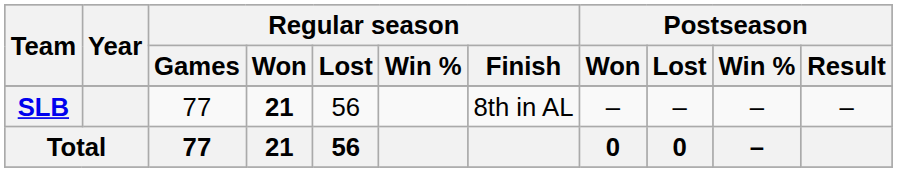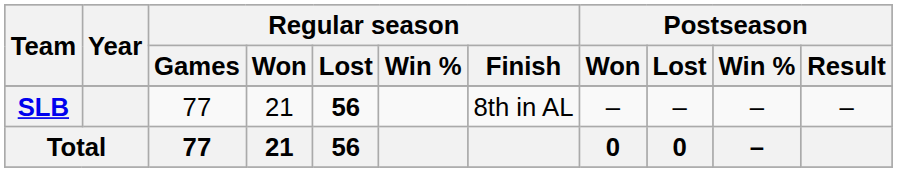 <table class="wikitable" style="font-size: 95%; text-align:center;">
 <tr>
 <th rowspan="2">Team</th>
 <th rowspan="2">Year</th>
 <th colspan="5">Regular season</th>
 <th colspan="4">Postseason</th>
 </tr>
 <tr>
 <th>Games</th>
 <th>Won</th>
 <th>Lost</th>
 <th>Win %</th>
 <th>Finish</th>
 <th>Won</th>
 <th>Lost</th>
 <th>Win %</th>
 <th>Result</th>
 </tr>
 <tr>
 </tr>
 <tr>
 <th><a href='#'>SLB</a></th>
 <th></th>
 <td>77</td>
-<td><strong>21</strong></td>
-<td>56</td>
+<td>21</td>
+<td><strong>56</strong></td>
 <td></td>
 <td>8th in AL</td>
 <td>–</td>
 <td>–</td>
 <td>–</td>
 <td>–</td>
 </tr>
 <tr>
 <th colspan="2">Total</th>
 <th>77</th>
 <th>21</th>
 <th>56</th>
 <th></th>
 <th></th>
 <th>0</th>
 <th>0</th>
 <th>–</th>
 <th></th>
 </tr>
 </table>
